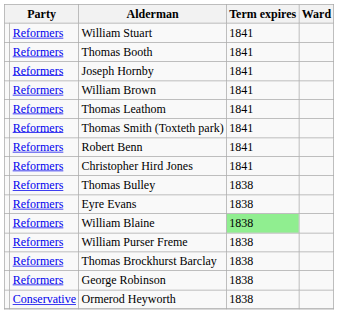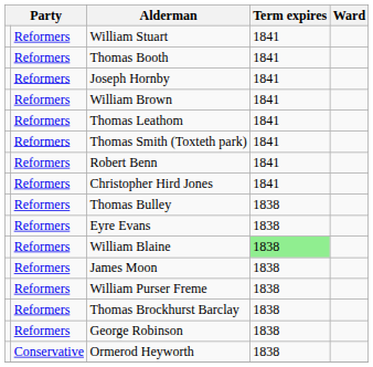 <table class="wikitable">
 <tr>
 <th colspan="2">Party</th>
 <th>Alderman</th>
 <th>Term expires</th>
 <th>Ward</th>
 </tr>
 <tr>
 <td style="background-color:"></td>
 <td><a href='#'>Reformers</a></td>
 <td>William Stuart</td>
 <td>1841</td>
 </tr>
 <tr>
 <td style="background-color:"></td>
 <td><a href='#'>Reformers</a></td>
 <td>Thomas Booth</td>
 <td>1841</td>
 <td></td>
 </tr>
 <tr>
 <td style="background-color:"></td>
 <td><a href='#'>Reformers</a></td>
 <td>Joseph Hornby</td>
 <td>1841</td>
 <td></td>
 </tr>
 <tr>
 <td style="background-color:"></td>
 <td><a href='#'>Reformers</a></td>
 <td>William Brown</td>
 <td>1841</td>
 <td></td>
 </tr>
 <tr>
 <td style="background-color:"></td>
 <td><a href='#'>Reformers</a></td>
 <td>Thomas Leathom</td>
 <td>1841</td>
 <td></td>
 </tr>
 <tr>
 <td style="background-color:"></td>
 <td><a href='#'>Reformers</a></td>
 <td>Thomas Smith (Toxteth park)</td>
 <td>1841</td>
 <td></td>
 </tr>
 <tr>
 <td style="background-color:"></td>
 <td><a href='#'>Reformers</a></td>
 <td>Robert Benn</td>
 <td>1841</td>
 <td></td>
 </tr>
 <tr>
 <td style="background-color:"></td>
 <td><a href='#'>Reformers</a></td>
 <td>Christopher Hird Jones</td>
 <td>1841</td>
 <td></td>
 </tr>
 <tr>
 <td style="background-color:"></td>
 <td><a href='#'>Reformers</a></td>
 <td>Thomas Bulley</td>
 <td>1838</td>
 <td></td>
 </tr>
 <tr>
 <td style="background-color:"></td>
 <td><a href='#'>Reformers</a></td>
 <td>Eyre Evans</td>
 <td>1838</td>
 <td></td>
 </tr>
 <tr>
 <td style="background-color:"></td>
 <td><a href='#'>Reformers</a></td>
 <td>William Blaine</td>
 <td style="background: lightgreen;">1838</td>
 <td></td>
 </tr>
 <tr>
 <td style="background-color:"></td>
 <td><a href='#'>Reformers</a></td>
+<td>James Moon</td>
+<td>1838</td>
+<td></td>
+</tr>
+<tr>
+<td style="background-color:"></td>
+<td><a href='#'>Reformers</a></td>
 <td>William Purser Freme</td>
 <td>1838</td>
 <td></td>
 </tr>
 <tr>
 <td style="background-color:"></td>
 <td><a href='#'>Reformers</a></td>
 <td>Thomas Brockhurst Barclay</td>
 <td>1838</td>
 <td></td>
 </tr>
 <tr>
 <td style="background-color:"></td>
 <td><a href='#'>Reformers</a></td>
 <td>George Robinson</td>
 <td>1838</td>
 <td></td>
 </tr>
 <tr>
 <td style="background-color:"></td>
 <td><a href='#'>Conservative</a></td>
 <td>Ormerod Heyworth</td>
 <td>1838</td>
 <td></td>
 </tr>
 <tr>
 </tr>
 </table>
